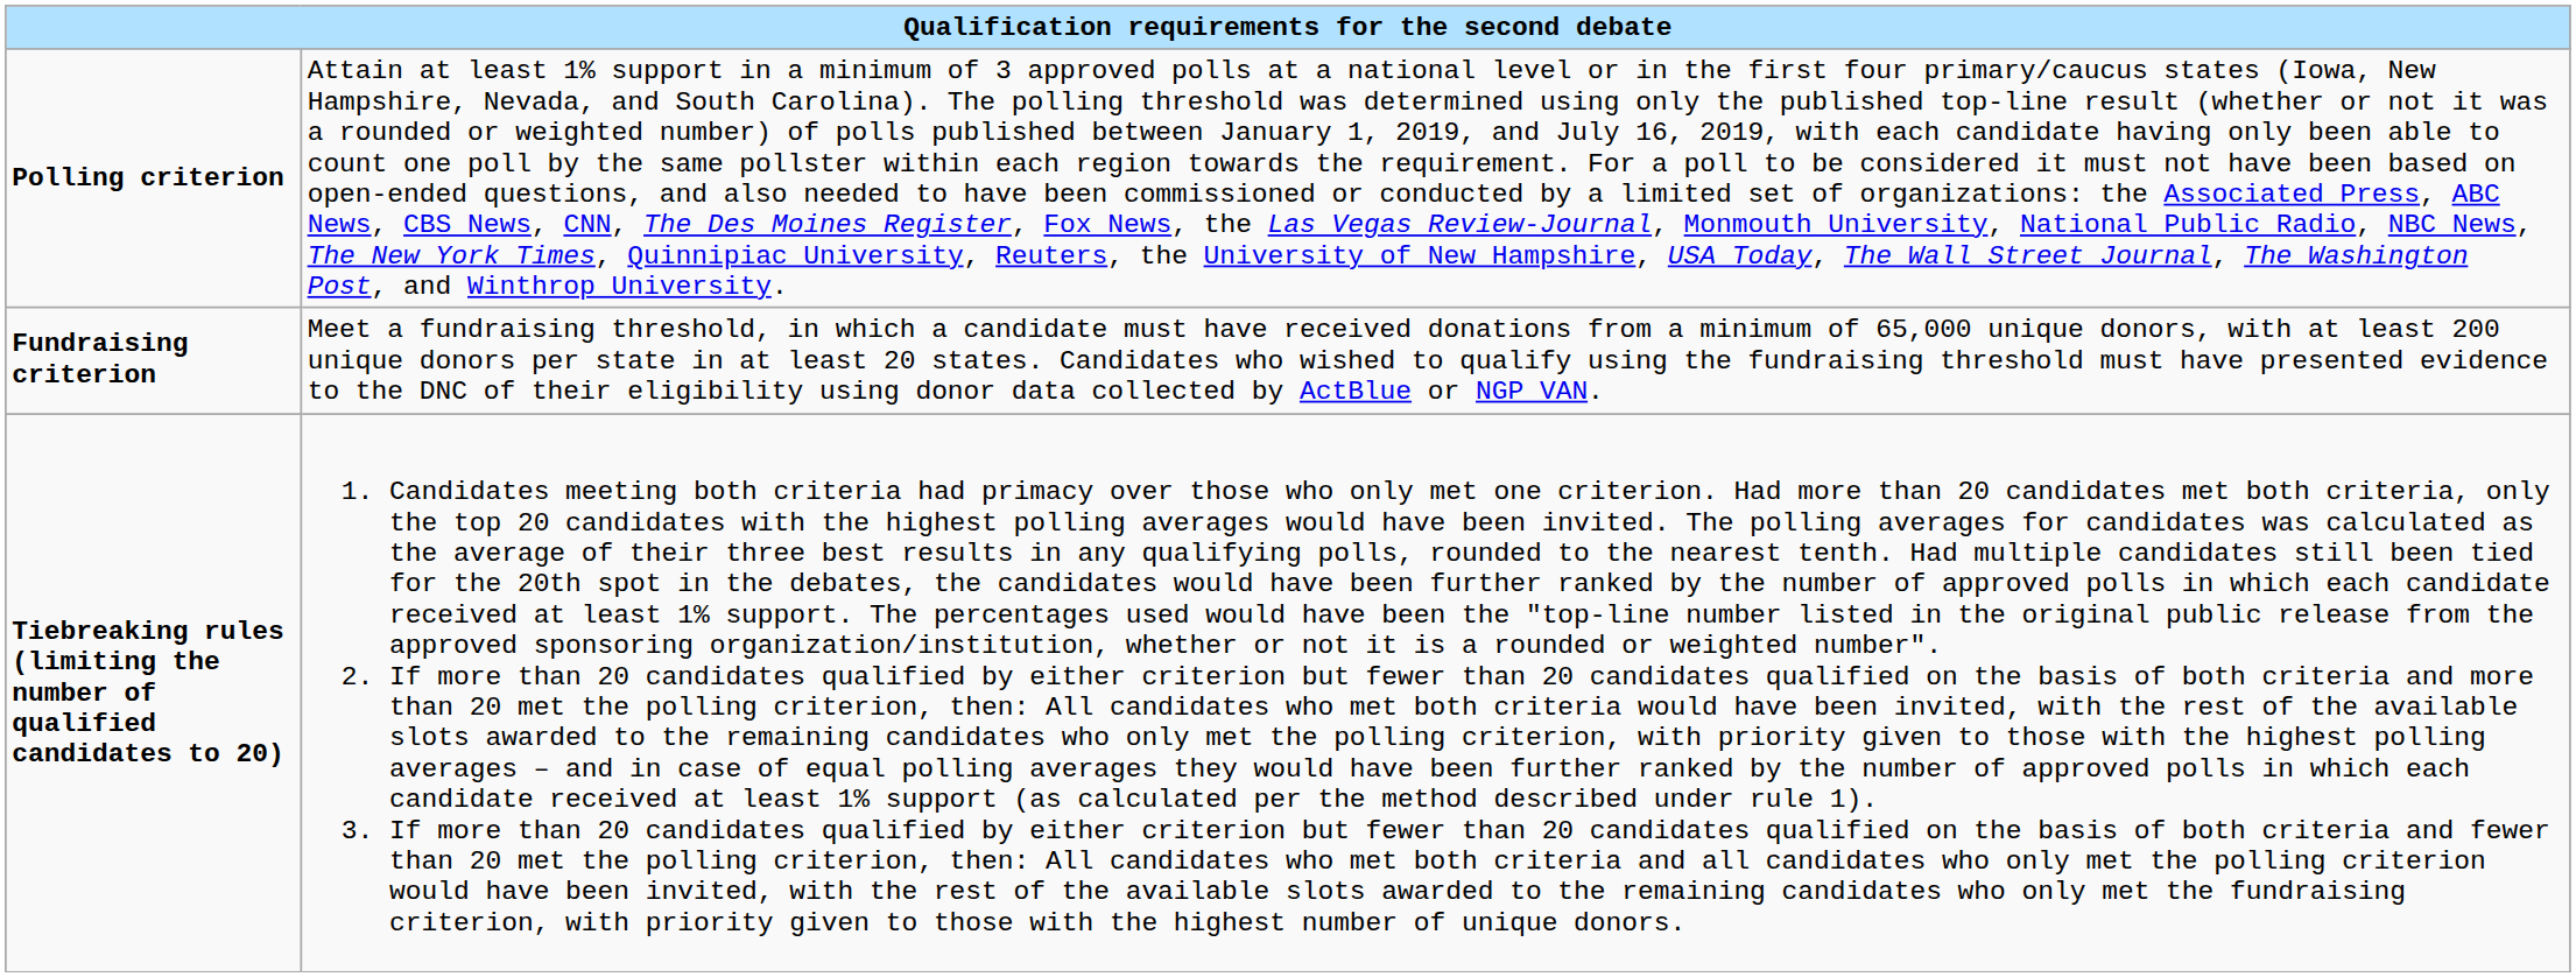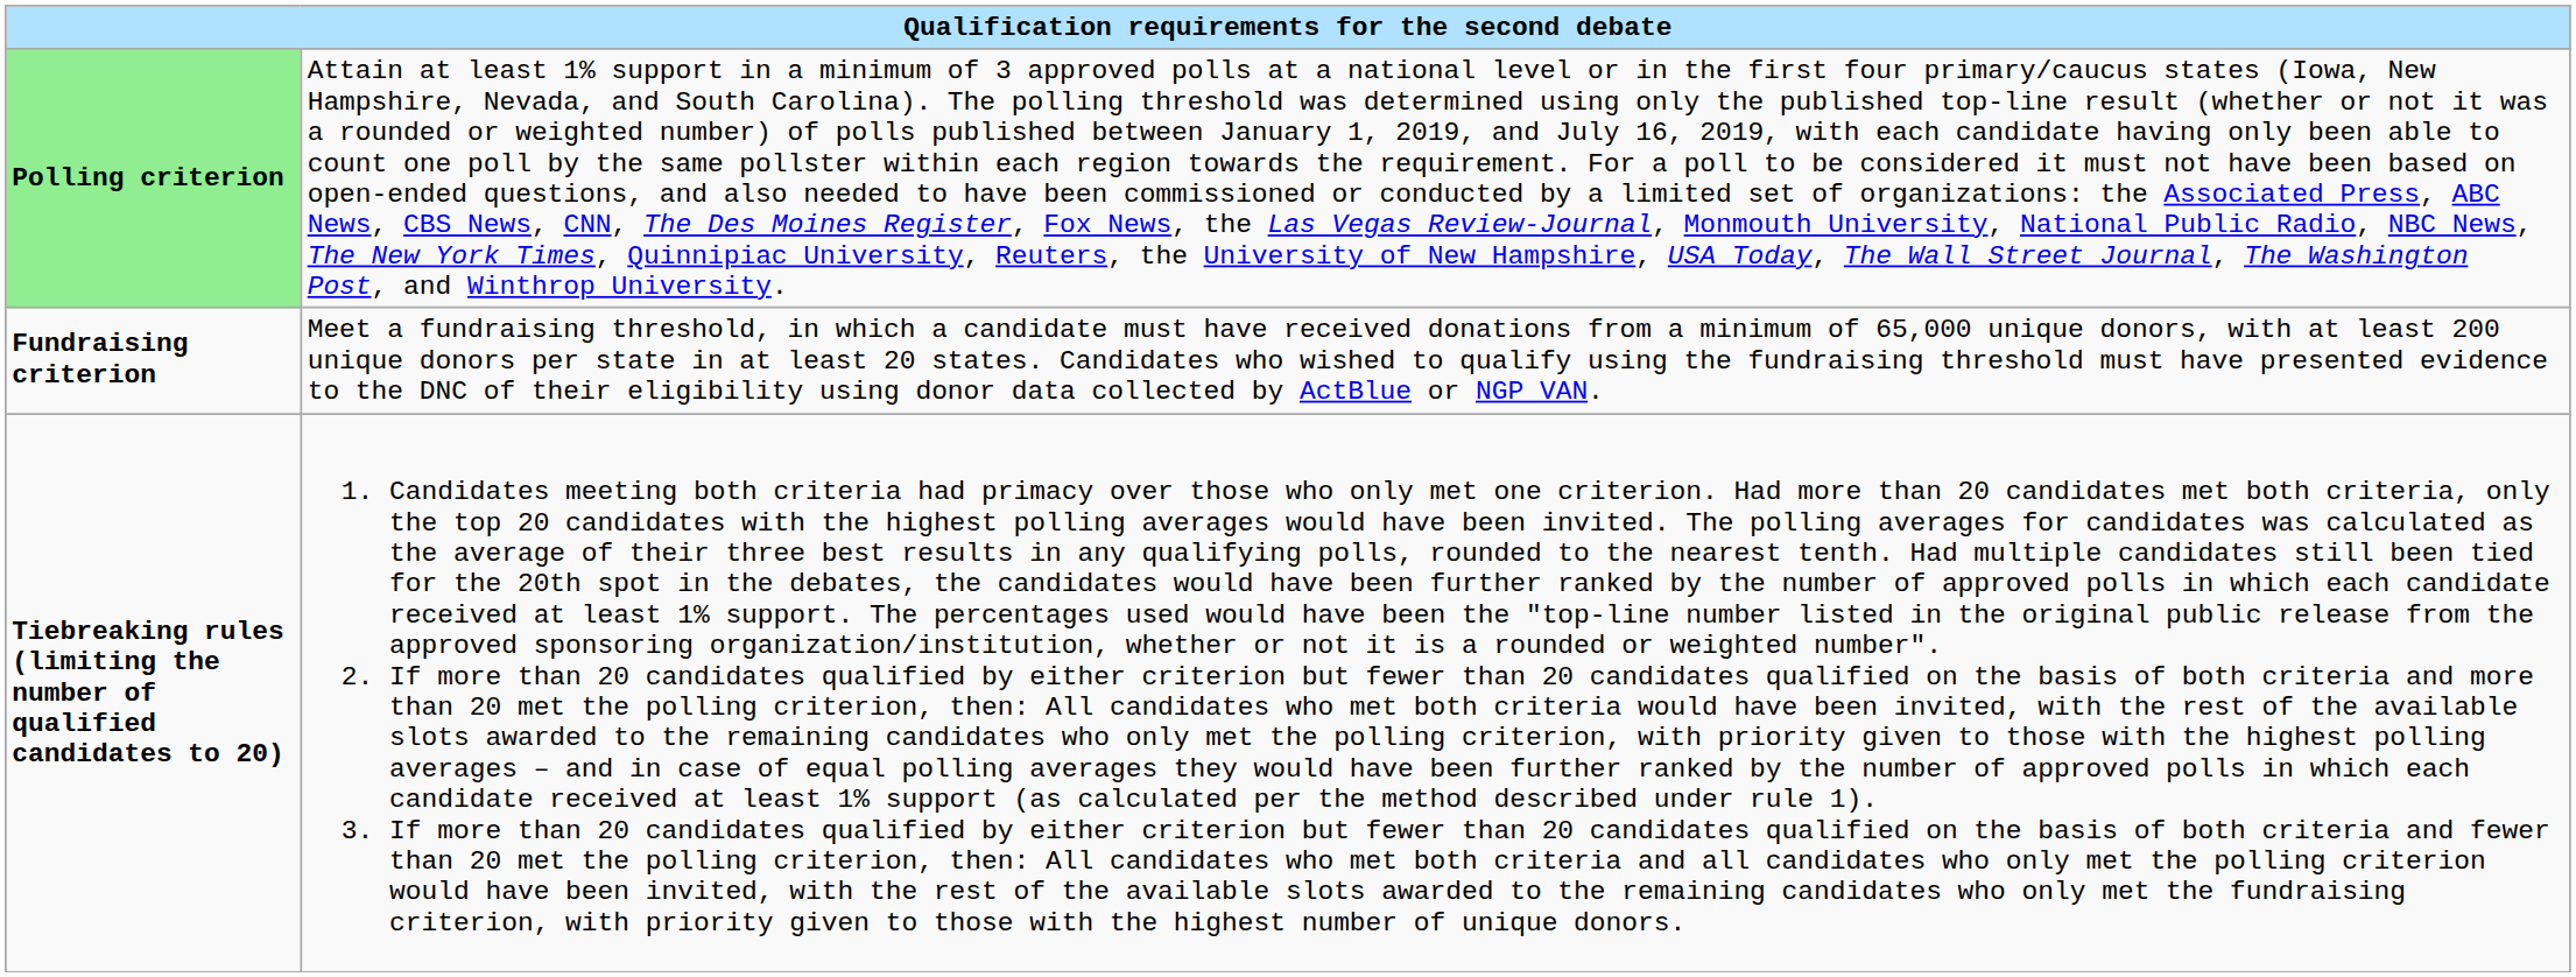 <table class="wikitable collapsible collapsed";">
 <tr>
 <th colspan="2" style="color:black; vertical-align:top; text-align:center; background-color:#B0E2FF;" class="table-no">Qualification requirements for the second debate</th>
 </tr>
 <tr>
-<td><strong>Polling criterion</strong></td>
+<td style="background: lightgreen;"><strong>Polling criterion</strong></td>
 <td>Attain at least 1% support in a minimum of 3 approved polls at a national level or in the first four primary/caucus states (Iowa, New Hampshire, Nevada, and South Carolina). The polling threshold was determined using only the published top-line result (whether or not it was a rounded or weighted number) of polls published between January 1, 2019, and July 16, 2019, with each candidate having only been able to count one poll by the same pollster within each region towards the requirement. For a poll to be considered it must not have been based on open-ended questions, and also needed to have been commissioned or conducted by a limited set of organizations: the <a href='#'>Associated Press</a>, <a href='#'>ABC News</a>, <a href='#'>CBS News</a>, <a href='#'>CNN</a>, <em><a href='#'>The Des Moines Register</a></em>, <a href='#'>Fox News</a>, the <em><a href='#'>Las Vegas Review-Journal</a></em>, <a href='#'>Monmouth University</a>, <a href='#'>National Public Radio</a>, <a href='#'>NBC News</a>, <em><a href='#'>The New York Times</a></em>, <a href='#'>Quinnipiac University</a>, <a href='#'>Reuters</a>, the <a href='#'>University of New Hampshire</a>, <em><a href='#'>USA Today</a></em>, <em><a href='#'>The Wall Street Journal</a></em>, <em><a href='#'>The Washington Post</a></em>, and <a href='#'>Winthrop University</a>.</td>
 </tr>
 <tr>
 <td><strong>Fundraising criterion</strong></td>
 <td>Meet a fundraising threshold, in which a candidate must have received donations from a minimum of 65,000 unique donors, with at least 200 unique donors per state in at least 20 states. Candidates who wished to qualify using the fundraising threshold must have presented evidence to the DNC of their eligibility using donor data collected by <a href='#'>ActBlue</a> or <a href='#'>NGP VAN</a>.</td>
 </tr>
 <tr>
 <td><strong>Tiebreaking rules (limiting the number of qualified candidates to 20)</strong></td>
 <td><br><ol><li>Candidates meeting both criteria had primacy over those who only met one criterion. Had more than 20 candidates met both criteria, only the top 20 candidates with the highest polling averages would have been invited. The polling averages for candidates was calculated as the average of their three best results in any qualifying polls, rounded to the nearest tenth. Had multiple candidates still been tied for the 20th spot in the debates, the candidates would have been further ranked by the number of approved polls in which each candidate received at least 1% support. The percentages used would have been the "top-line number listed in the original public release from the approved sponsoring organization/institution, whether or not it is a rounded or weighted number".</li><li>If more than 20 candidates qualified by either criterion but fewer than 20 candidates qualified on the basis of both criteria and more than 20 met the polling criterion, then: All candidates who met both criteria would have been invited, with the rest of the available slots awarded to the remaining candidates who only met the polling criterion, with priority given to those with the highest polling averages – and in case of equal polling averages they would have been further ranked by the number of approved polls in which each candidate received at least 1% support (as calculated per the method described under rule 1).</li><li>If more than 20 candidates qualified by either criterion but fewer than 20 candidates qualified on the basis of both criteria and fewer than 20 met the polling criterion, then: All candidates who met both criteria and all candidates who only met the polling criterion would have been invited, with the rest of the available slots awarded to the remaining candidates who only met the fundraising criterion, with priority given to those with the highest number of unique donors.</li></ol></td>
 </tr>
 </table>
